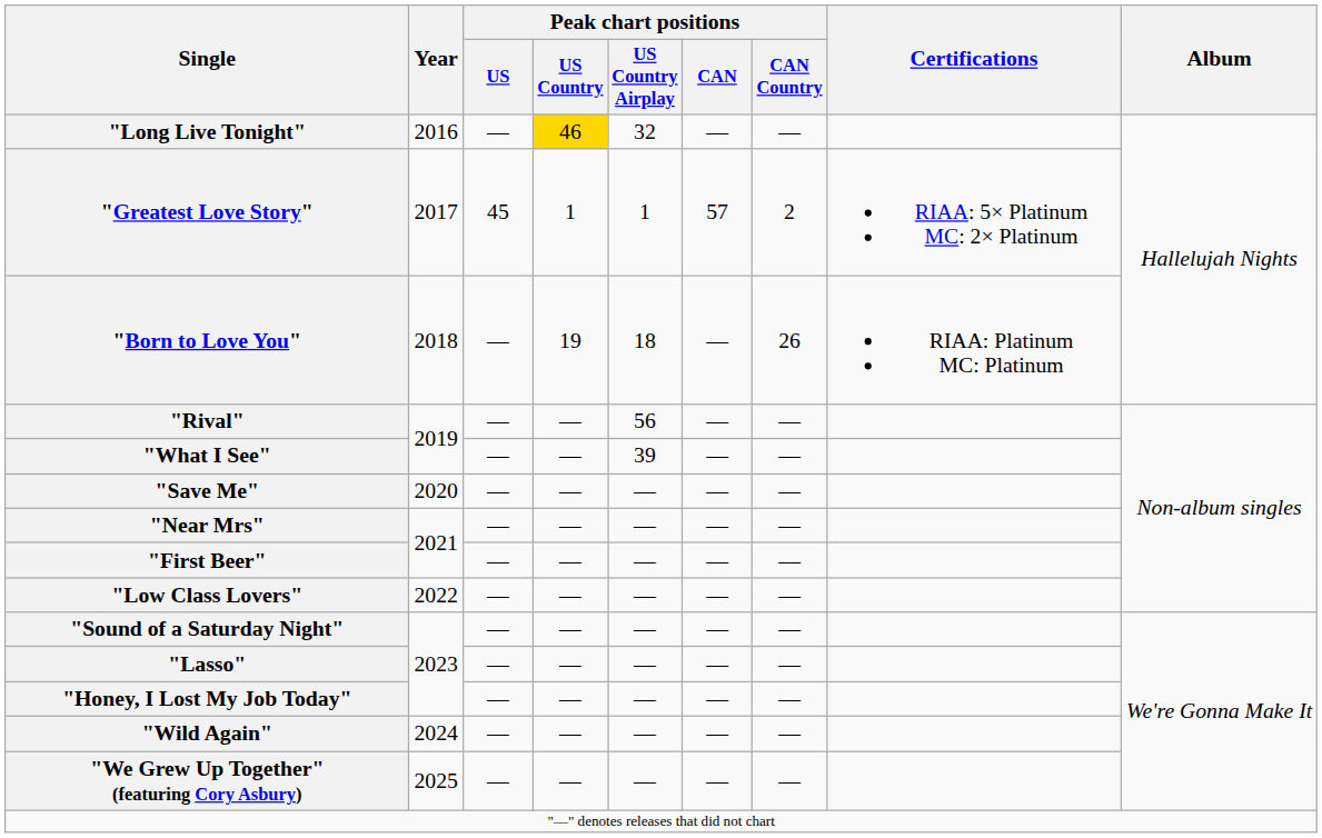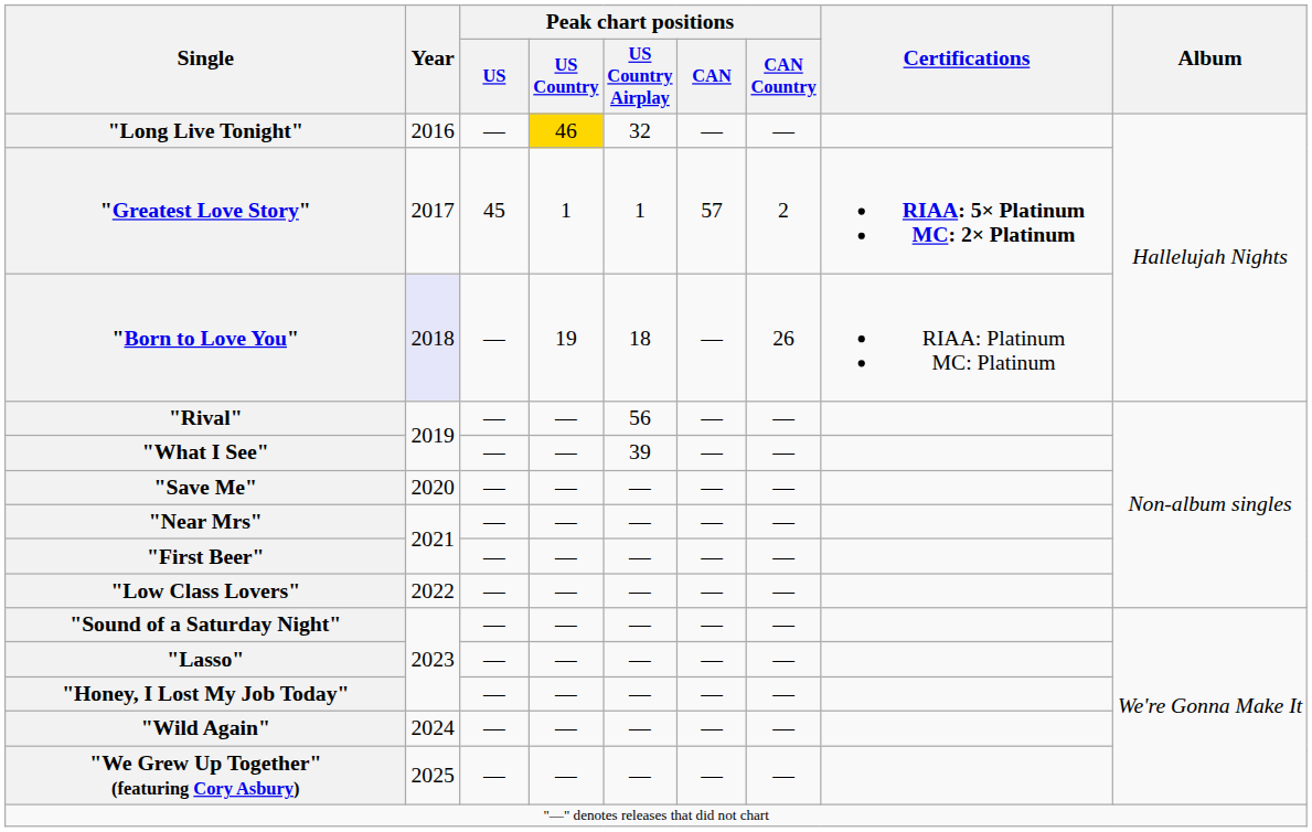 <table class="wikitable plainrowheaders" style="text-align:center;">
 <tr>
 <th scope="col" rowspan="2" style="width:18em;">Single</th>
 <th rowspan="2">Year</th>
 <th scope="col" colspan="5">Peak chart positions</th>
 <th scope="col" rowspan="2" style="width:13em;"><a href='#'>Certifications</a></th>
 <th rowspan="2">Album</th>
 </tr>
 <tr style="font-size:smaller;">
 <th style="width:45px;"><a href='#'>US</a><br></th>
 <th style="width:45px;"><a href='#'>US Country</a><br></th>
 <th style="width:45px;"><a href='#'>US Country Airplay</a><br></th>
 <th style="width:45px;"><a href='#'>CAN</a><br></th>
 <th style="width:45px;"><a href='#'>CAN Country</a><br></th>
 </tr>
 <tr>
 <th scope="row">"Long Live Tonight"</th>
 <td>2016</td>
 <td>—</td>
 <td style="background: gold;">46</td>
 <td>32</td>
 <td>—</td>
 <td>—</td>
 <td></td>
 <td rowspan="3"><em>Hallelujah Nights</em></td>
 </tr>
 <tr>
 <th scope="row">"<a href='#'>Greatest Love Story</a>"</th>
 <td>2017</td>
 <td>45</td>
 <td>1</td>
 <td>1</td>
 <td>57</td>
 <td>2</td>
-<td><br><ul><li><a href='#'>RIAA</a>: 5× Platinum</li><li><a href='#'>MC</a>: 2× Platinum</li></ul></td>
+<td><strong><br><ul><li><a href='#'>RIAA</a>: 5× Platinum</li><li><a href='#'>MC</a>: 2× Platinum</li></ul></strong></td>
 </tr>
 <tr>
 <th scope="row">"<a href='#'>Born to Love You</a>"</th>
-<td>2018</td>
+<td style="background: lavender;">2018</td>
 <td>—</td>
 <td>19</td>
 <td>18</td>
 <td>—</td>
 <td>26</td>
 <td><br><ul><li>RIAA: Platinum</li><li>MC: Platinum</li></ul></td>
 </tr>
 <tr>
 <th scope="row">"Rival"</th>
 <td rowspan="2">2019</td>
 <td>—</td>
 <td>—</td>
 <td>56</td>
 <td>—</td>
 <td>—</td>
 <td></td>
 <td rowspan="6"><em>Non-album singles</em></td>
 </tr>
 <tr>
 <th scope="row">"What I See"</th>
 <td>—</td>
 <td>—</td>
 <td>39</td>
 <td>—</td>
 <td>—</td>
 <td></td>
 </tr>
 <tr>
 <th scope="row">"Save Me"</th>
 <td>2020</td>
 <td>—</td>
 <td>—</td>
 <td>—</td>
 <td>—</td>
 <td>—</td>
 <td></td>
 </tr>
 <tr>
 <th scope="row">"Near Mrs"</th>
 <td rowspan="2">2021</td>
 <td>—</td>
 <td>—</td>
 <td>—</td>
 <td>—</td>
 <td>—</td>
 <td></td>
 </tr>
 <tr>
 <th scope="row">"First Beer"</th>
 <td>—</td>
 <td>—</td>
 <td>—</td>
 <td>—</td>
 <td>—</td>
 <td></td>
 </tr>
 <tr>
 <th scope="row">"Low Class Lovers"</th>
 <td>2022</td>
 <td>—</td>
 <td>—</td>
 <td>—</td>
 <td>—</td>
 <td>—</td>
 </tr>
 <tr>
 <th scope="row">"Sound of a Saturday Night"</th>
 <td rowspan="3">2023</td>
 <td>—</td>
 <td>—</td>
 <td>—</td>
 <td>—</td>
 <td>—</td>
 <td></td>
 <td rowspan="5"><em>We're Gonna Make It</em></td>
 </tr>
 <tr>
 <th scope="row">"Lasso"</th>
 <td>—</td>
 <td>—</td>
 <td>—</td>
 <td>—</td>
 <td>—</td>
 <td></td>
 </tr>
 <tr>
 <th scope="row">"Honey, I Lost My Job Today"</th>
 <td>—</td>
 <td>—</td>
 <td>—</td>
 <td>—</td>
 <td>—</td>
 <td></td>
 </tr>
 <tr>
 <th scope="row">"Wild Again"</th>
 <td>2024</td>
 <td>—</td>
 <td>—</td>
 <td>—</td>
 <td>—</td>
 <td>—</td>
 <td></td>
 </tr>
 <tr>
 <th scope="row">"We Grew Up Together"<br><small>(featuring <a href='#'>Cory Asbury</a>)</small></th>
 <td>2025</td>
 <td>—</td>
 <td>—</td>
 <td>—</td>
 <td>—</td>
 <td>—</td>
 <td></td>
 </tr>
 <tr>
 <td colspan="9" style="font-size:8pt">"—" denotes releases that did not chart</td>
 </tr>
 </table>
